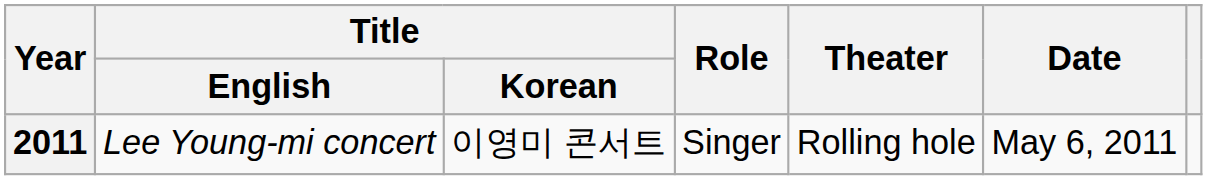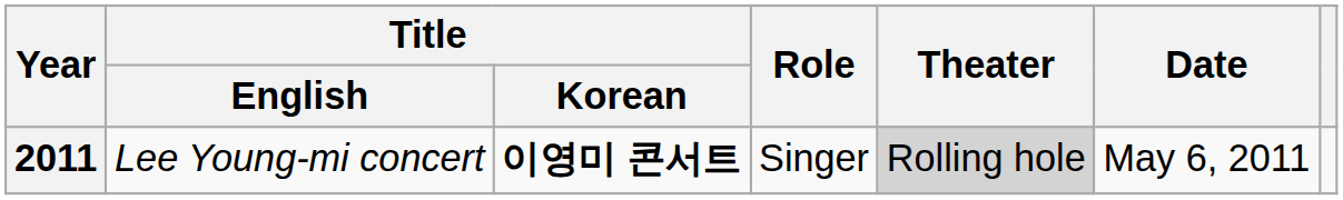 <table class="wikitable sortable plainrowheaders">
 <tr>
 <th rowspan="2" scope="col">Year</th>
 <th colspan="2" scope="col">Title</th>
 <th rowspan="2" scope="col">Role</th>
 <th rowspan="2" scope="col">Theater</th>
 <th rowspan="2" scope="col" class="sortable">Date</th>
 <th rowspan="2" scope="col" class="unsortable"></th>
 </tr>
 <tr>
 <th>English</th>
 <th>Korean</th>
 </tr>
 <tr>
 <th scope="row">2011</th>
 <td><em>Lee Young-mi concert</em></td>
-<td>이영미 콘서트</td>
+<td><strong>이영미 콘서트</strong></td>
 <td>Singer</td>
-<td>Rolling hole</td>
+<td style="background: lightgrey;">Rolling hole</td>
 <td>May 6, 2011</td>
 <td></td>
 </tr>
 </table>
